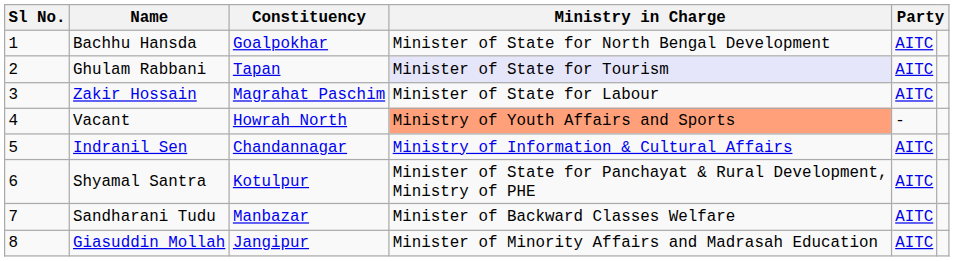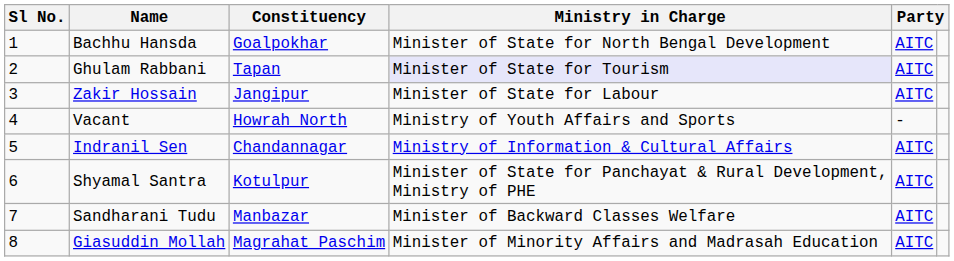 <table class="wikitable">
 <tr>
 <th>Sl No.</th>
 <th>Name</th>
 <th>Constituency</th>
 <th>Ministry in Charge</th>
 <th colspan="2" scope="col">Party</th>
 </tr>
 <tr>
 <td>1</td>
 <td>Bachhu Hansda</td>
 <td><a href='#'>Goalpokhar</a></td>
 <td>Minister of State for North Bengal Development</td>
 <td><a href='#'>AITC</a></td>
 <td width="4px" style="background-color: "></td>
 </tr>
 <tr>
 <td>2</td>
 <td>Ghulam Rabbani</td>
 <td><a href='#'>Tapan</a></td>
 <td style="background: lavender;">Minister of State for Tourism</td>
 <td><a href='#'>AITC</a></td>
 <td width="4px" style="background-color: "></td>
 </tr>
 <tr>
 <td>3</td>
 <td><a href='#'>Zakir Hossain</a></td>
-<td><a href='#'>Magrahat Paschim</a></td>
+<td><a href='#'>Jangipur</a></td>
 <td>Minister of State for Labour</td>
 <td><a href='#'>AITC</a></td>
 <td width="4px" style="background-color: "></td>
 </tr>
 <tr>
 <td>4</td>
 <td>Vacant</td>
 <td><a href='#'>Howrah North</a></td>
-<td style="background: lightsalmon;">Ministry of Youth Affairs and Sports</td>
+<td>Ministry of Youth Affairs and Sports</td>
 <td>-</td>
 <td width="4px" style="background-color: "></td>
 </tr>
 <tr>
 <td>5</td>
 <td><a href='#'>Indranil Sen</a></td>
 <td><a href='#'>Chandannagar</a></td>
 <td><a href='#'>Ministry of Information & Cultural Affairs</a></td>
 <td><a href='#'>AITC</a></td>
 <td width="4px" style="background-color: "></td>
 </tr>
 <tr>
 <td>6</td>
 <td>Shyamal Santra</td>
 <td><a href='#'>Kotulpur</a></td>
 <td>Minister of State for Panchayat & Rural Development,<br>Ministry of PHE</td>
 <td><a href='#'>AITC</a></td>
 <td width="4px" style="background-color: "></td>
 </tr>
 <tr>
 <td>7</td>
 <td>Sandharani Tudu</td>
 <td><a href='#'>Manbazar</a></td>
 <td>Minister of Backward Classes Welfare</td>
 <td><a href='#'>AITC</a></td>
 <td width="4px" style="background-color: "></td>
 </tr>
 <tr>
 <td>8</td>
 <td><a href='#'>Giasuddin Mollah</a></td>
-<td><a href='#'>Jangipur</a></td>
+<td><a href='#'>Magrahat Paschim</a></td>
 <td>Minister of Minority Affairs and Madrasah Education</td>
 <td><a href='#'>AITC</a></td>
 <td width="4px" style="background-color: "></td>
 </tr>
 </table>
